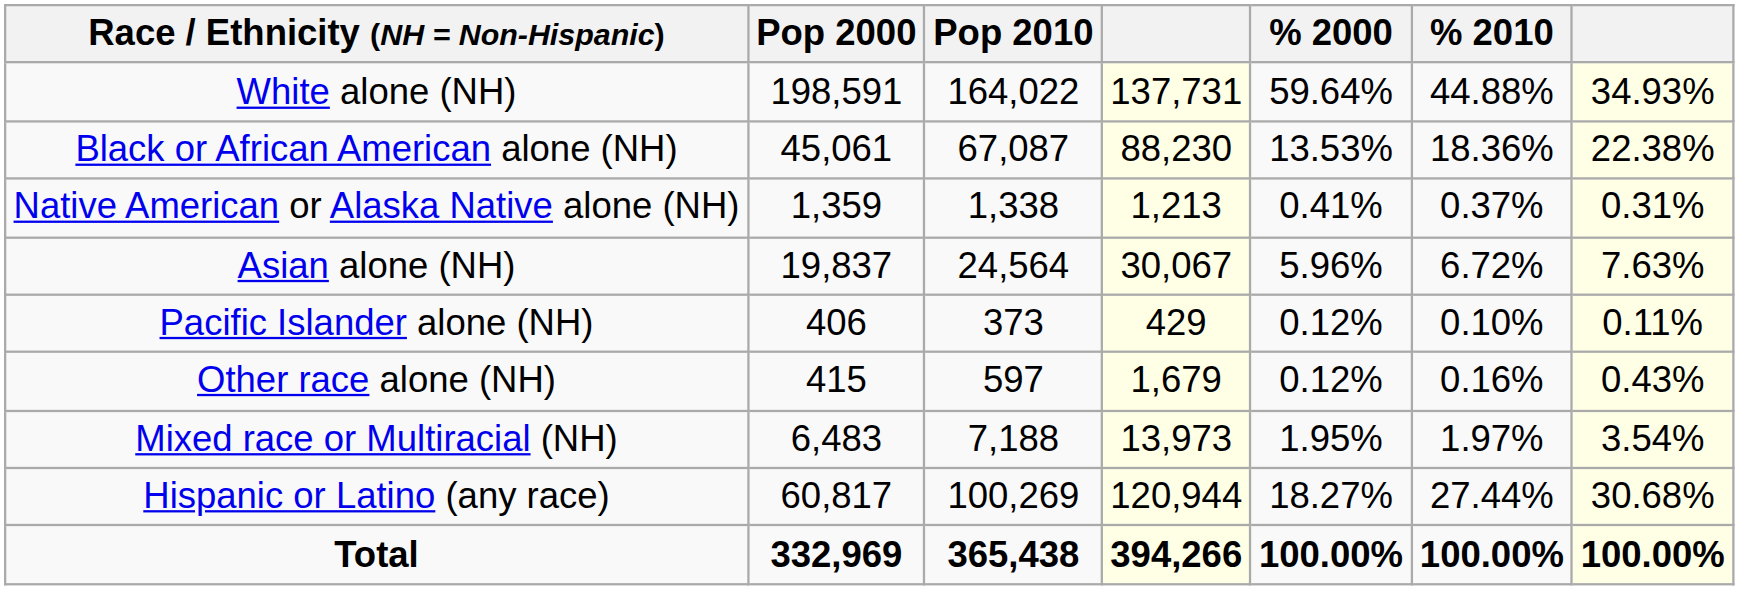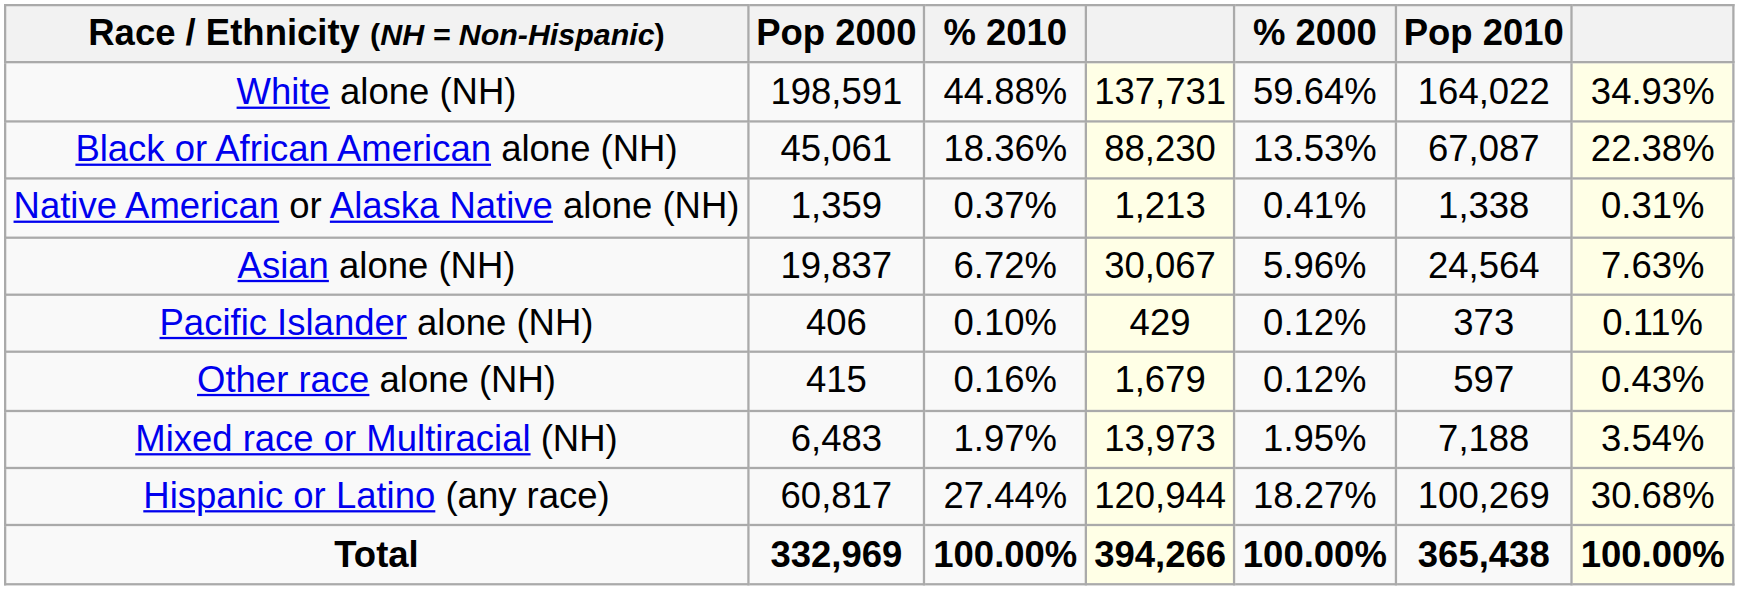 <table class="wikitable" style="text-align:center;">
 <tr>
 <th>Race / Ethnicity <small>(<em>NH = Non-Hispanic</em>)</small></th>
 <th>Pop 2000</th>
-<th>Pop 2010</th>
+<th>% 2010</th>
 <th></th>
 <th>% 2000</th>
-<th>% 2010</th>
+<th>Pop 2010</th>
 <th></th>
 </tr>
 <tr>
 <td><a href='#'>White</a> alone (NH)</td>
 <td>198,591</td>
-<td>164,022</td>
+<td>44.88%</td>
 <td style='background: #ffffe6;'>137,731</td>
 <td>59.64%</td>
-<td>44.88%</td>
+<td>164,022</td>
 <td style='background: #ffffe6;'>34.93%</td>
 </tr>
 <tr>
 <td><a href='#'>Black or African American</a> alone (NH)</td>
 <td>45,061</td>
-<td>67,087</td>
+<td>18.36%</td>
 <td style='background: #ffffe6;'>88,230</td>
 <td>13.53%</td>
-<td>18.36%</td>
+<td>67,087</td>
 <td style='background: #ffffe6;'>22.38%</td>
 </tr>
 <tr>
 <td><a href='#'>Native American</a> or <a href='#'>Alaska Native</a> alone (NH)</td>
 <td>1,359</td>
-<td>1,338</td>
+<td>0.37%</td>
 <td style='background: #ffffe6;'>1,213</td>
 <td>0.41%</td>
-<td>0.37%</td>
+<td>1,338</td>
 <td style='background: #ffffe6;'>0.31%</td>
 </tr>
 <tr>
 <td><a href='#'>Asian</a> alone (NH)</td>
 <td>19,837</td>
-<td>24,564</td>
+<td>6.72%</td>
 <td style='background: #ffffe6;'>30,067</td>
 <td>5.96%</td>
-<td>6.72%</td>
+<td>24,564</td>
 <td style='background: #ffffe6;'>7.63%</td>
 </tr>
 <tr>
 <td><a href='#'>Pacific Islander</a> alone (NH)</td>
 <td>406</td>
-<td>373</td>
+<td>0.10%</td>
 <td style='background: #ffffe6;'>429</td>
 <td>0.12%</td>
-<td>0.10%</td>
+<td>373</td>
 <td style='background: #ffffe6;'>0.11%</td>
 </tr>
 <tr>
 <td><a href='#'>Other race</a> alone (NH)</td>
 <td>415</td>
-<td>597</td>
+<td>0.16%</td>
 <td style='background: #ffffe6;'>1,679</td>
 <td>0.12%</td>
-<td>0.16%</td>
+<td>597</td>
 <td style='background: #ffffe6;'>0.43%</td>
 </tr>
 <tr>
 <td><a href='#'>Mixed race or Multiracial</a> (NH)</td>
 <td>6,483</td>
-<td>7,188</td>
+<td>1.97%</td>
 <td style='background: #ffffe6;'>13,973</td>
 <td>1.95%</td>
-<td>1.97%</td>
+<td>7,188</td>
 <td style='background: #ffffe6;'>3.54%</td>
 </tr>
 <tr>
 <td><a href='#'>Hispanic or Latino</a> (any race)</td>
 <td>60,817</td>
-<td>100,269</td>
+<td>27.44%</td>
 <td style='background: #ffffe6;'>120,944</td>
 <td>18.27%</td>
-<td>27.44%</td>
+<td>100,269</td>
 <td style='background: #ffffe6;'>30.68%</td>
 </tr>
 <tr>
 <td><strong>Total</strong></td>
 <td><strong>332,969</strong></td>
-<td><strong>365,438</strong></td>
+<td><strong>100.00%</strong></td>
 <td style='background: #ffffe6;'><strong>394,266</strong></td>
 <td><strong>100.00%</strong></td>
-<td><strong>100.00%</strong></td>
+<td><strong>365,438</strong></td>
 <td style='background: #ffffe6;'><strong>100.00%</strong></td>
 </tr>
 </table>
